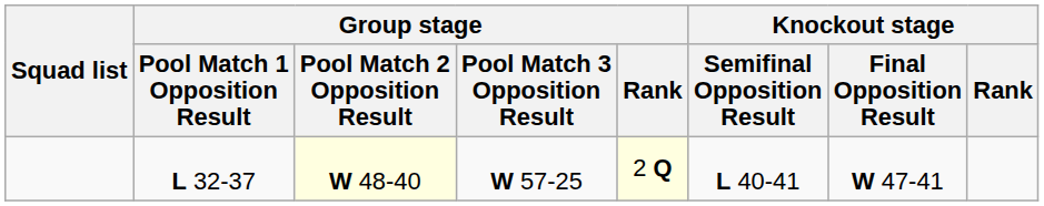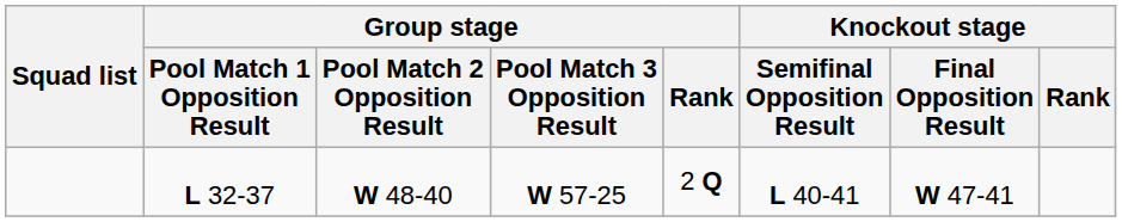 <table class=wikitable style="font-size:90%">
 <tr>
 <th rowspan="2">Squad list</th>
 <th colspan="4">Group stage</th>
 <th colspan="3">Knockout stage</th>
 </tr>
 <tr>
 <th>Pool Match 1<br>Opposition<br>Result</th>
 <th>Pool Match 2<br>Opposition<br>Result</th>
 <th>Pool Match 3<br>Opposition<br>Result</th>
 <th>Rank</th>
 <th>Semifinal<br>Opposition<br>Result</th>
 <th>Final<br>Opposition<br>Result</th>
 <th>Rank</th>
 </tr>
 <tr>
 <td align=left></td>
 <td align="center"><br><strong>L</strong> 32-37</td>
-<td align="center" style="background: lightyellow;"><br><strong>W</strong> 48-40</td>
+<td align="center"><br><strong>W</strong> 48-40</td>
 <td align="center"><br><strong>W</strong> 57-25</td>
-<td align="center" style="background: lightyellow;">2 <strong>Q</strong></td>
+<td align="center">2 <strong>Q</strong></td>
 <td align="center"><br><strong>L</strong> 40-41</td>
 <td align="center"><br><strong>W</strong> 47-41</td>
 <td align="center"></td>
 </tr>
 </table>
